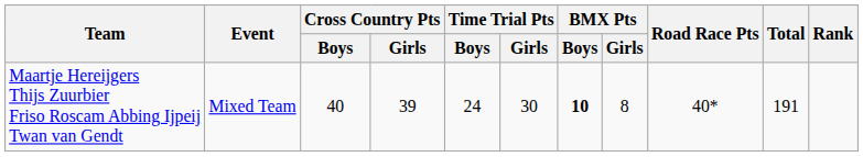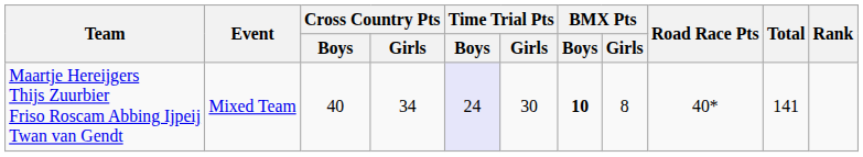 <table class="wikitable" border="1" style="font-size:90%">
 <tr>
 <th rowspan=2>Team</th>
 <th rowspan=2>Event</th>
 <th colspan=2>Cross Country Pts</th>
 <th colspan=2>Time Trial Pts</th>
 <th colspan=2>BMX Pts</th>
 <th rowspan=2>Road Race Pts</th>
 <th rowspan=2>Total</th>
 <th rowspan=2>Rank</th>
 </tr>
 <tr>
 <th>Boys</th>
 <th>Girls</th>
 <th>Boys</th>
 <th>Girls</th>
 <th>Boys</th>
 <th>Girls</th>
 </tr>
 <tr>
 <td><a href='#'>Maartje Hereijgers</a><br><a href='#'>Thijs Zuurbier</a><br><a href='#'>Friso Roscam Abbing Ijpeij</a><br><a href='#'>Twan van Gendt</a></td>
 <td><a href='#'>Mixed Team</a></td>
 <td align=center>40</td>
-<td align=center>39</td>
-<td align=center>24</td>
+<td align=center>34</td>
+<td align=center style="background: lavender;">24</td>
 <td align=center>30</td>
 <td align=center><strong>10</strong></td>
 <td align=center>8</td>
 <td align=center>40*</td>
-<td align=center>191</td>
+<td align=center>141</td>
 <td align=center></td>
 </tr>
 </table>
